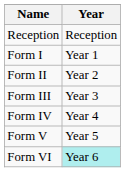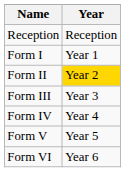 <table class="wikitable">
 <tr>
 </tr>
 <tr>
 <th>Name</th>
 <th>Year</th>
 </tr>
 <tr>
 <td>Reception</td>
 <td>Reception</td>
 </tr>
 <tr>
 <td>Form I</td>
 <td>Year 1</td>
 </tr>
 <tr>
 <td>Form II</td>
-<td>Year 2</td>
+<td style="background: gold;">Year 2</td>
 </tr>
 <tr>
 <td>Form III</td>
 <td>Year 3</td>
 </tr>
 <tr>
 <td>Form IV</td>
 <td>Year 4</td>
 </tr>
 <tr>
 <td>Form V</td>
 <td>Year 5</td>
 </tr>
 <tr>
 <td>Form VI</td>
-<td style="background: paleturquoise;">Year 6</td>
+<td>Year 6</td>
 </tr>
 </table>
